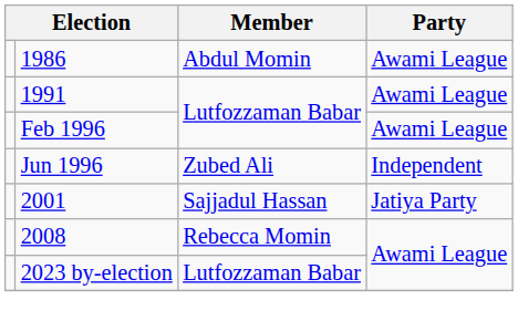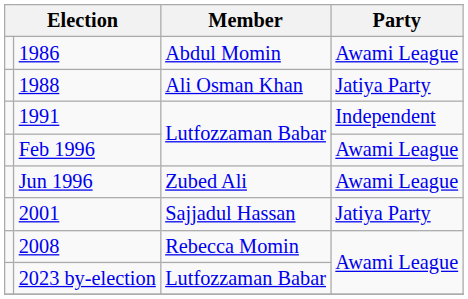 <table class="wikitable">
 <tr>
 <th colspan="2">Election</th>
 <th>Member</th>
 <th>Party</th>
 </tr>
 <tr>
 <td style="background-color:"></td>
 <td><a href='#'>1986</a></td>
 <td><a href='#'>Abdul Momin</a></td>
 <td><a href='#'>Awami League</a></td>
 </tr>
 <tr>
 <td style="background-color:"></td>
+<td><a href='#'>1988</a></td>
+<td><a href='#'>Ali Osman Khan</a></td>
+<td><a href='#'>Jatiya Party</a></td>
+</tr>
+<tr>
+<td style="background-color:"></td>
 <td><a href='#'>1991</a></td>
 <td rowspan="2"><a href='#'>Lutfozzaman Babar</a></td>
-<td><a href='#'>Awami League</a></td>
+<td><a href='#'>Independent</a></td>
 </tr>
 <tr>
 <td style="background-color:"></td>
 <td><a href='#'>Feb 1996</a></td>
 <td><a href='#'>Awami League</a></td>
 </tr>
 <tr>
 <td style="background-color:"></td>
 <td><a href='#'>Jun 1996</a></td>
 <td><a href='#'>Zubed Ali</a></td>
-<td><a href='#'>Independent</a></td>
+<td><a href='#'>Awami League</a></td>
 </tr>
 <tr>
 <td style="background-color:"></td>
 <td><a href='#'>2001</a></td>
 <td><a href='#'>Sajjadul Hassan</a></td>
 <td><a href='#'>Jatiya Party</a></td>
 </tr>
 <tr>
 <td style="background-color:"></td>
 <td><a href='#'>2008</a></td>
 <td><a href='#'>Rebecca Momin</a></td>
 <td rowspan="2"><a href='#'>Awami League</a></td>
 </tr>
 <tr>
 <td style="background-color:"></td>
 <td><a href='#'>2023 by-election</a></td>
 <td><a href='#'>Lutfozzaman Babar</a></td>
 </tr>
 <tr>
 </tr>
 </table>
